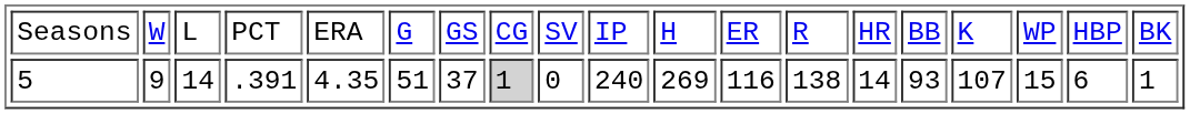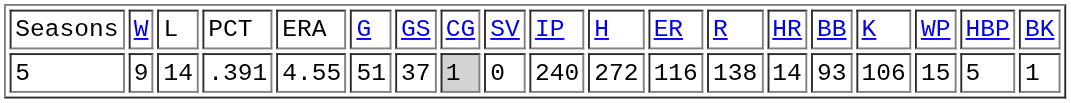 <table border="1" cellpadding="2">
 <tr>
 <td>Seasons</td>
 <td><a href='#'>W</a></td>
 <td>L</td>
 <td>PCT</td>
 <td>ERA</td>
 <td><a href='#'>G</a></td>
 <td><a href='#'>GS</a></td>
 <td><a href='#'>CG</a></td>
 <td><a href='#'>SV</a></td>
 <td><a href='#'>IP</a></td>
 <td><a href='#'>H</a></td>
 <td><a href='#'>ER</a></td>
 <td><a href='#'>R</a></td>
 <td><a href='#'>HR</a></td>
 <td><a href='#'>BB</a></td>
 <td><a href='#'>K</a></td>
 <td><a href='#'>WP</a></td>
 <td><a href='#'>HBP</a></td>
 <td><a href='#'>BK</a></td>
 </tr>
 <tr>
 <td>5</td>
 <td>9</td>
 <td>14</td>
 <td>.391</td>
-<td>4.35</td>
+<td>4.55</td>
 <td>51</td>
 <td>37</td>
 <td style="background: lightgrey;">1</td>
 <td>0</td>
 <td>240</td>
-<td>269</td>
+<td>272</td>
 <td>116</td>
 <td>138</td>
 <td>14</td>
 <td>93</td>
-<td>107</td>
+<td>106</td>
 <td>15</td>
-<td>6</td>
+<td>5</td>
 <td>1</td>
 </tr>
 </table>
